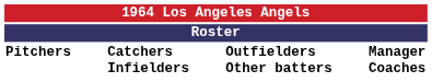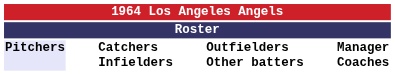 <table class="toccolours" style="font-size: 95%;">
 <tr>
 <th colspan="10" style="background-color: #CE2029; color: white; text-align: center;">1964 Los Angeles Angels</th>
 </tr>
 <tr>
 <td colspan="10" style="background-color: #333366; color: white; text-align: center;"><strong>Roster</strong></td>
 </tr>
 <tr>
-<td valign="top"><strong>Pitchers</strong><br>                 </td>
+<td valign="top" style="background: lavender;"><strong>Pitchers</strong><br>                 </td>
 <td width="25px"></td>
 <td valign="top"><strong>Catchers</strong><br>  <strong>Infielders</strong>          </td>
 <td width="25px"></td>
 <td valign="top"><strong>Outfielders</strong><br>          <strong>Other batters</strong> </td>
 <td width="25px"></td>
 <td valign="top"><strong>Manager</strong><br> <strong>Coaches</strong>    </td>
 </tr>
 <tr>
 </tr>
 </table>
